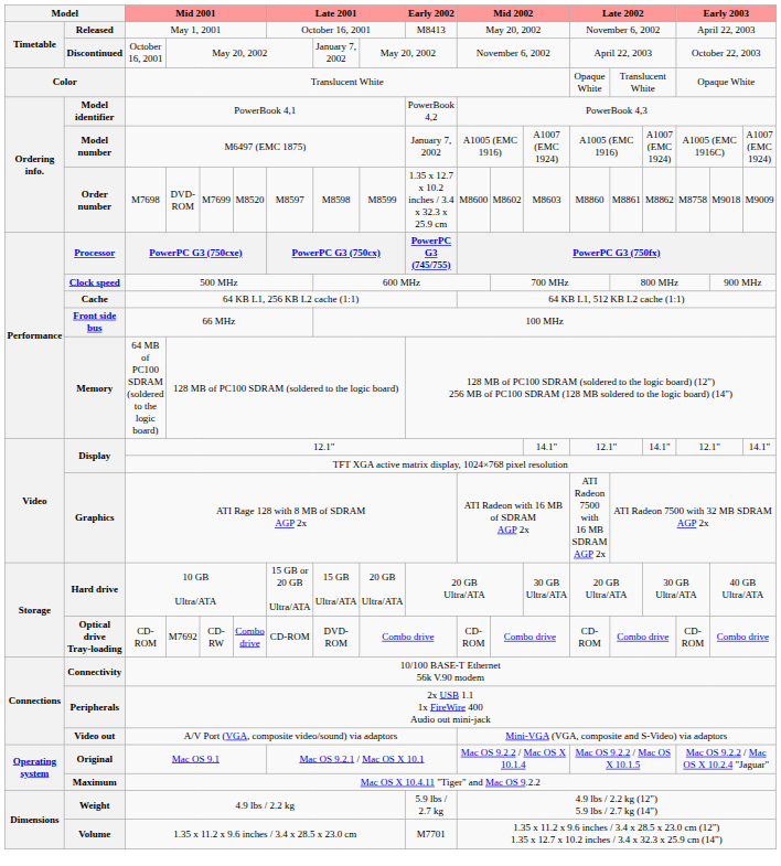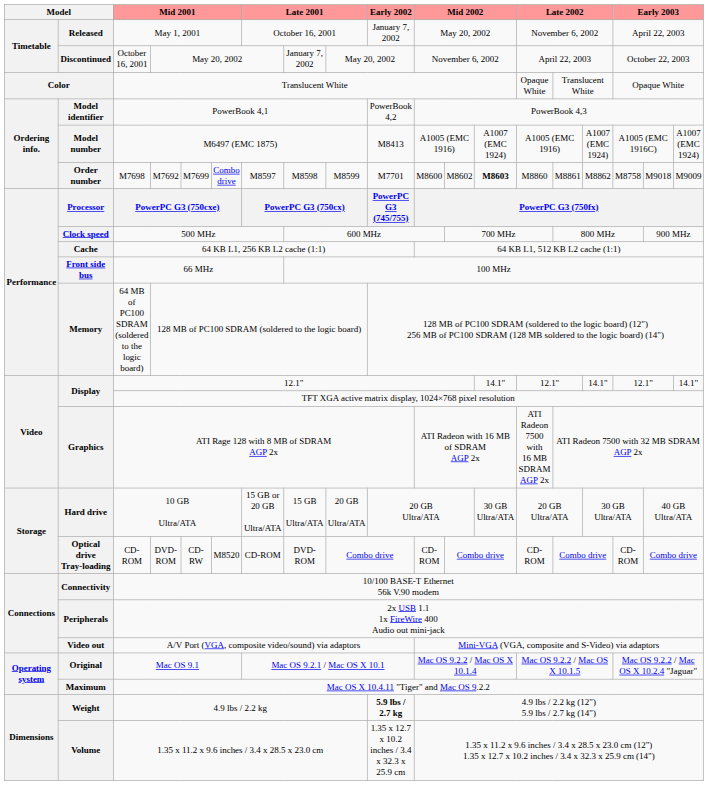 <table class="wikitable mw-collapsible" style="font-size:small; text-align:center">
 <tr>
 <th colspan=2>Model</th>
 <th colspan=4 style="background:#FF9999">Mid 2001</th>
 <th colspan=3 style="background:#FF9999">Late 2001</th>
 <th style="background:#FF9999">Early 2002</th>
 <th colspan=3 style="background:#FF9999">Mid 2002</th>
 <th colspan=3 style="background:#FF9999">Late 2002</th>
 <th colspan=3 style="background:#FF9999">Early 2003</th>
 </tr>
 <tr>
 <th rowspan=2>Timetable</th>
 <th>Released</th>
 <td colspan=4>May 1, 2001</td>
 <td colspan=3>October 16, 2001</td>
-<td>M8413</td>
+<td>January 7, 2002</td>
 <td colspan=3>May 20, 2002</td>
 <td colspan=3>November 6, 2002</td>
 <td colspan=3>April 22, 2003</td>
 </tr>
 <tr>
 <th>Discontinued</th>
 <td>October 16, 2001</td>
 <td colspan=4>May 20, 2002</td>
 <td>January 7, 2002</td>
 <td colspan=2>May 20, 2002</td>
 <td colspan=3>November 6, 2002</td>
 <td colspan=3>April 22, 2003</td>
 <td colspan=3>October 22, 2003</td>
 </tr>
 <tr>
 <th colspan=2>Color</th>
 <td colspan=11>Translucent White</td>
 <td>Opaque White</td>
 <td colspan=2>Translucent White</td>
 <td colspan=3>Opaque White</td>
 </tr>
 <tr>
 <th rowspan=3>Ordering info.</th>
 <th>Model identifier</th>
 <td colspan=7>PowerBook 4,1</td>
 <td>PowerBook 4,2</td>
 <td colspan=9>PowerBook 4,3</td>
 </tr>
 <tr>
 <th>Model number</th>
 <td colspan=7>M6497 (EMC 1875)</td>
-<td>January 7, 2002</td>
+<td>M8413</td>
 <td colspan=2>A1005 (EMC 1916)</td>
 <td>A1007 (EMC 1924)</td>
 <td colspan=2>A1005 (EMC 1916)</td>
 <td>A1007 (EMC 1924)</td>
 <td colspan=2>A1005 (EMC 1916C)</td>
 <td>A1007 (EMC 1924)</td>
 </tr>
 <tr>
 <th>Order number</th>
 <td>M7698</td>
-<td>DVD-ROM</td>
+<td>M7692</td>
 <td>M7699</td>
-<td>M8520</td>
+<td><a href='#'>Combo drive</a></td>
 <td>M8597</td>
 <td>M8598</td>
 <td>M8599</td>
-<td>1.35 x 12.7 x 10.2 inches / 3.4 x 32.3 x 25.9 cm</td>
+<td>M7701</td>
 <td>M8600</td>
 <td>M8602</td>
-<td>M8603</td>
+<td><strong>M8603</strong></td>
 <td>M8860</td>
 <td>M8861</td>
 <td>M8862</td>
 <td>M8758</td>
 <td>M9018</td>
 <td>M9009</td>
 </tr>
 <tr>
 <th rowspan=5>Performance</th>
 <th><a href='#'>Processor</a></th>
 <th colspan=4><a href='#'>PowerPC G3 (750cxe)</a></th>
 <th colspan=3><a href='#'>PowerPC G3 (750cx)</a></th>
 <th><a href='#'>PowerPC G3 (745/755)</a></th>
 <th colspan=9><a href='#'>PowerPC G3 (750fx)</a></th>
 </tr>
 <tr>
 <th><a href='#'>Clock speed</a></th>
 <td colspan=5>500 MHz</td>
 <td colspan=4>600 MHz</td>
 <td colspan=3>700 MHz</td>
 <td colspan=3>800 MHz</td>
 <td colspan=2>900 MHz</td>
 </tr>
 <tr>
 <th>Cache</th>
 <td colspan=8>64 KB L1, 256 KB L2 cache (1:1)</td>
 <td colspan=9>64 KB L1, 512 KB L2 cache (1:1)</td>
 </tr>
 <tr>
 <th><a href='#'>Front side bus</a></th>
 <td colspan=5>66 MHz</td>
 <td colspan=12>100 MHz</td>
 </tr>
 <tr>
 <th>Memory</th>
 <td>64 MB of PC100 SDRAM (soldered to the logic board)<br><em></em></td>
 <td colspan=6>128 MB of PC100 SDRAM (soldered to the logic board)<br><em></em></td>
 <td colspan=10>128 MB of PC100 SDRAM (soldered to the logic board) (12")<br>256 MB of PC100 SDRAM (128 MB soldered to the logic board) (14")<br><em></em></td>
 </tr>
 <tr>
 <th rowspan=3>Video</th>
 <th rowspan=2>Display</th>
 <td colspan=10>12.1"</td>
 <td>14.1"</td>
 <td colspan=2>12.1"</td>
 <td>14.1"</td>
 <td colspan=2>12.1"</td>
 <td>14.1"</td>
 </tr>
 <tr>
 <td colspan=17>TFT XGA active matrix display, 1024×768 pixel resolution</td>
 </tr>
 <tr>
 <th>Graphics</th>
 <td colspan=8>ATI Rage 128 with 8 MB of SDRAM<br><a href='#'>AGP</a> 2x</td>
 <td colspan=3>ATI Radeon with 16 MB of SDRAM<br><a href='#'>AGP</a> 2x</td>
 <td>ATI Radeon 7500 with 16 MB SDRAM<br><a href='#'>AGP</a> 2x</td>
 <td colspan=5>ATI Radeon 7500 with 32 MB SDRAM<br><a href='#'>AGP</a> 2x</td>
 </tr>
 <tr>
 <th rowspan=2>Storage</th>
 <th>Hard drive</th>
 <td colspan=4>10 GB<br><br>Ultra/ATA</td>
 <td>15 GB or 20 GB<br><br>Ultra/ATA</td>
 <td>15 GB<br><br>Ultra/ATA</td>
 <td>20 GB<br><br>Ultra/ATA</td>
 <td colspan=3>20 GB<br>Ultra/ATA</td>
 <td>30 GB<br>Ultra/ATA</td>
 <td colspan=2>20 GB<br>Ultra/ATA</td>
 <td colspan=2>30 GB<br>Ultra/ATA</td>
 <td colspan=2>40 GB<br>Ultra/ATA</td>
 </tr>
 <tr>
 <th>Optical drive<br>Tray-loading</th>
 <td>CD-ROM</td>
-<td>M7692</td>
+<td>DVD-ROM</td>
 <td>CD-RW</td>
-<td><a href='#'>Combo drive</a></td>
+<td>M8520</td>
 <td>CD-ROM</td>
 <td>DVD-ROM</td>
 <td colspan=2><a href='#'>Combo drive</a></td>
 <td>CD-ROM</td>
 <td colspan=2><a href='#'>Combo drive</a></td>
 <td>CD-ROM</td>
 <td colspan=2><a href='#'>Combo drive</a></td>
 <td>CD-ROM</td>
 <td colspan=2><a href='#'>Combo drive</a></td>
 </tr>
 <tr>
 <th rowspan=3>Connections</th>
 <th>Connectivity</th>
 <td colspan=17>10/100 BASE-T Ethernet<br>56k V.90 modem<br></td>
 </tr>
 <tr>
 <th>Peripherals</th>
 <td colspan=17>2x <a href='#'>USB</a> 1.1<br>1x <a href='#'>FireWire</a> 400<br>Audio out mini-jack</td>
 </tr>
 <tr>
 <th>Video out</th>
 <td colspan=8>A/V Port (<a href='#'>VGA</a>, composite video/sound) via adaptors</td>
 <td colspan=9><a href='#'>Mini-VGA</a> (VGA, composite and S-Video) via adaptors</td>
 </tr>
 <tr>
 <th rowspan=2><a href='#'>Operating system</a></th>
 <th>Original</th>
 <td colspan=4><a href='#'>Mac OS 9.1</a></td>
 <td colspan=4><a href='#'>Mac OS 9.2.1</a> / <a href='#'>Mac OS X 10.1</a></td>
 <td colspan=3><a href='#'>Mac OS 9.2.2</a> / <a href='#'>Mac OS X 10.1.4</a></td>
 <td colspan=3><a href='#'>Mac OS 9.2.2</a> / <a href='#'>Mac OS X 10.1.5</a></td>
 <td colspan=3><a href='#'>Mac OS 9.2.2</a> / <a href='#'>Mac OS X 10.2.4</a> "Jaguar"</td>
 </tr>
 <tr>
 <th>Maximum</th>
 <td colspan=17><a href='#'>Mac OS X 10.4.11</a> "Tiger" and <a href='#'>Mac OS 9</a>.2.2</td>
 </tr>
 <tr>
 <th rowspan=2>Dimensions</th>
 <th>Weight</th>
 <td colspan=7>4.9 lbs / 2.2 kg</td>
-<td>5.9 lbs / 2.7 kg</td>
+<td><strong>5.9 lbs / 2.7 kg</strong></td>
 <td colspan=9>4.9 lbs / 2.2 kg (12")<br>5.9 lbs / 2.7 kg (14")</td>
 </tr>
 <tr>
 <th>Volume</th>
 <td colspan=7>1.35 x 11.2 x 9.6 inches / 3.4 x 28.5 x 23.0 cm</td>
-<td>M7701</td>
+<td>1.35 x 12.7 x 10.2 inches / 3.4 x 32.3 x 25.9 cm</td>
 <td colspan=9>1.35 x 11.2 x 9.6 inches / 3.4 x 28.5 x 23.0 cm (12")<br>1.35 x 12.7 x 10.2 inches / 3.4 x 32.3 x 25.9 cm (14")</td>
 </tr>
 </table>
